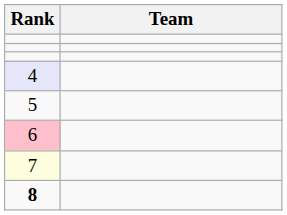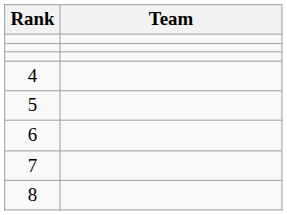 <table class="wikitable" style="text-align: center;">
 <tr>
 <th width=40>Rank</th>
 <th width=180>Team</th>
 </tr>
 <tr>
 <td></td>
 <td style="text-align:left;"></td>
 </tr>
 <tr>
 <td></td>
 <td style="text-align:left;"></td>
 </tr>
 <tr>
 <td></td>
 <td style="text-align:left;"></td>
 </tr>
 <tr>
-<td style="background: lavender;">4</td>
+<td>4</td>
 <td style="text-align:left;"></td>
 </tr>
 <tr align=center>
 <td>5</td>
 <td style="text-align:left;"></td>
 </tr>
 <tr align=center>
-<td style="background: pink;">6</td>
+<td>6</td>
 <td style="text-align:left;"></td>
 </tr>
 <tr align=center>
-<td style="background: lightyellow;">7</td>
+<td>7</td>
 <td style="text-align:left;"></td>
 </tr>
 <tr align=center>
-<td><strong>8</strong></td>
+<td>8</td>
 <td style="text-align:left;"></td>
 </tr>
 </table>
